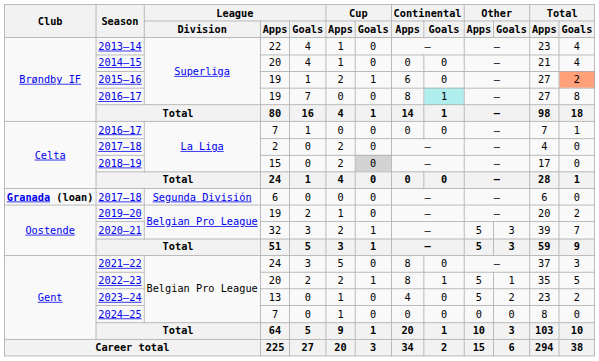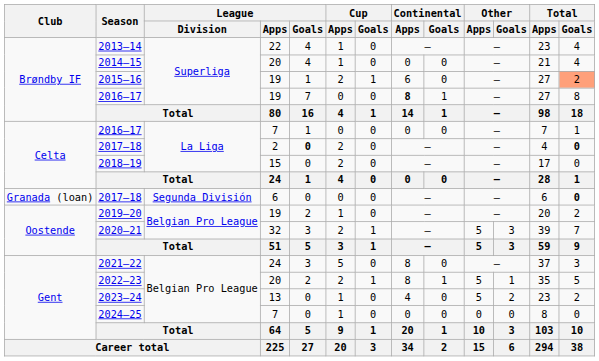 <table class="wikitable" style="text-align:center">
 <tr>
 <th rowspan="2">Club</th>
 <th rowspan="2">Season</th>
 <th colspan="3">League</th>
 <th colspan="2">Cup</th>
 <th colspan="2">Continental</th>
 <th colspan="2">Other</th>
 <th colspan="2">Total</th>
 </tr>
 <tr>
 <th>Division</th>
 <th>Apps</th>
 <th>Goals</th>
 <th>Apps</th>
 <th>Goals</th>
 <th>Apps</th>
 <th>Goals</th>
 <th>Apps</th>
 <th>Goals</th>
 <th>Apps</th>
 <th>Goals</th>
 </tr>
 <tr>
 <td rowspan="5"><a href='#'>Brøndby IF</a></td>
 <td><a href='#'>2013–14</a></td>
 <td rowspan="4"><a href='#'>Superliga</a></td>
 <td>22</td>
 <td>4</td>
 <td>1</td>
 <td>0</td>
 <td colspan="2">—</td>
 <td colspan="2">—</td>
 <td>23</td>
 <td>4</td>
 </tr>
 <tr>
 <td><a href='#'>2014–15</a></td>
 <td>20</td>
 <td>4</td>
 <td>1</td>
 <td>0</td>
 <td>0</td>
 <td>0</td>
 <td colspan="2">—</td>
 <td>21</td>
 <td>4</td>
 </tr>
 <tr>
 <td><a href='#'>2015–16</a></td>
 <td>19</td>
 <td>1</td>
 <td>2</td>
 <td>1</td>
 <td>6</td>
 <td>0</td>
 <td colspan="2">—</td>
 <td>27</td>
 <td style="background: lightsalmon;">2</td>
 </tr>
 <tr>
 <td><a href='#'>2016–17</a></td>
 <td>19</td>
 <td>7</td>
 <td>0</td>
 <td>0</td>
-<td>8</td>
-<td style="background: paleturquoise;">1</td>
+<td><strong>8</strong></td>
+<td>1</td>
 <td colspan="2">—</td>
 <td>27</td>
 <td>8</td>
 </tr>
 <tr>
 <th colspan="2">Total</th>
 <th>80</th>
 <th>16</th>
 <th>4</th>
 <th>1</th>
 <th>14</th>
 <th>1</th>
 <th colspan="2">—</th>
 <th>98</th>
 <th>18</th>
 </tr>
 <tr>
 <td rowspan="4"><a href='#'>Celta</a></td>
 <td><a href='#'>2016–17</a></td>
 <td rowspan="3"><a href='#'>La Liga</a></td>
 <td>7</td>
 <td>1</td>
 <td>0</td>
 <td>0</td>
 <td>0</td>
 <td>0</td>
 <td colspan="2">—</td>
 <td>7</td>
 <td>1</td>
 </tr>
 <tr>
 <td><a href='#'>2017–18</a></td>
 <td>2</td>
-<td>0</td>
+<td><strong>0</strong></td>
 <td>2</td>
 <td>0</td>
 <td colspan="2">—</td>
 <td colspan="2">—</td>
 <td>4</td>
-<td>0</td>
+<td><strong>0</strong></td>
 </tr>
 <tr>
 <td><a href='#'>2018–19</a></td>
 <td>15</td>
 <td>0</td>
 <td>2</td>
-<td style="background: lightgrey;">0</td>
+<td>0</td>
 <td colspan="2">—</td>
 <td colspan="2">—</td>
 <td>17</td>
 <td>0</td>
 </tr>
 <tr>
 <th colspan="2">Total</th>
 <th>24</th>
 <th>1</th>
 <th>4</th>
 <th>0</th>
 <th>0</th>
 <th>0</th>
 <th colspan="2">—</th>
 <th>28</th>
 <th>1</th>
 </tr>
 <tr>
-<td><strong><a href='#'>Granada</a> (loan)</strong></td>
+<td><a href='#'>Granada</a> (loan)</td>
 <td><a href='#'>2017–18</a></td>
 <td><a href='#'>Segunda División</a></td>
 <td>6</td>
 <td>0</td>
 <td>0</td>
 <td>0</td>
 <td colspan="2">—</td>
 <td colspan="2">—</td>
 <td>6</td>
-<td>0</td>
+<td><strong>0</strong></td>
 </tr>
 <tr>
 <td rowspan="3"><a href='#'>Oostende</a></td>
 <td><a href='#'>2019–20</a></td>
 <td rowspan="2"><a href='#'>Belgian Pro League</a></td>
 <td>19</td>
 <td>2</td>
 <td>1</td>
 <td>0</td>
 <td colspan="2">—</td>
 <td colspan="2">—</td>
 <td>20</td>
 <td>2</td>
 </tr>
 <tr>
 <td><a href='#'>2020–21</a></td>
 <td>32</td>
 <td>3</td>
 <td>2</td>
 <td>1</td>
 <td colspan="2">—</td>
 <td>5</td>
 <td>3</td>
 <td>39</td>
 <td>7</td>
 </tr>
 <tr>
 <th colspan="2">Total</th>
 <th>51</th>
 <th>5</th>
 <th>3</th>
 <th>1</th>
 <th colspan="2">—</th>
 <th>5</th>
 <th>3</th>
 <th>59</th>
 <th>9</th>
 </tr>
 <tr>
 <td rowspan="5"><a href='#'>Gent</a></td>
 <td><a href='#'>2021–22</a></td>
 <td rowspan="4">Belgian Pro League</td>
 <td>24</td>
 <td>3</td>
 <td>5</td>
 <td>0</td>
 <td>8</td>
 <td>0</td>
 <td colspan="2">—</td>
 <td>37</td>
 <td>3</td>
 </tr>
 <tr>
 <td><a href='#'>2022–23</a></td>
 <td>20</td>
 <td>2</td>
 <td>2</td>
 <td>1</td>
 <td>8</td>
 <td>1</td>
 <td>5</td>
 <td>1</td>
 <td>35</td>
 <td>5</td>
 </tr>
 <tr>
 <td><a href='#'>2023–24</a></td>
 <td>13</td>
 <td>0</td>
 <td>1</td>
 <td>0</td>
 <td>4</td>
 <td>0</td>
 <td>5</td>
 <td>2</td>
 <td>23</td>
 <td>2</td>
 </tr>
 <tr>
 <td><a href='#'>2024–25</a></td>
 <td>7</td>
 <td>0</td>
 <td>1</td>
 <td>0</td>
 <td>0</td>
 <td>0</td>
 <td>0</td>
 <td>0</td>
 <td>8</td>
 <td>0</td>
 </tr>
 <tr>
 <th colspan="2">Total</th>
 <th>64</th>
 <th>5</th>
 <th>9</th>
 <th>1</th>
 <th>20</th>
 <th>1</th>
 <th>10</th>
 <th>3</th>
 <th>103</th>
 <th>10</th>
 </tr>
 <tr>
 <th colspan="3">Career total</th>
 <th>225</th>
 <th>27</th>
 <th>20</th>
 <th>3</th>
 <th>34</th>
 <th>2</th>
 <th>15</th>
 <th>6</th>
 <th>294</th>
 <th>38</th>
 </tr>
 </table>
